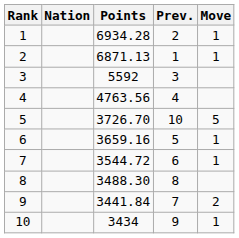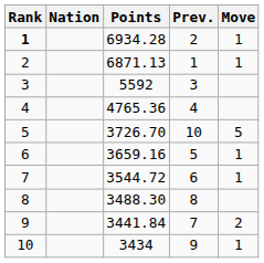 <table class="wikitable sortable" style="text-align:center;">
 <tr>
 <th>Rank</th>
 <th>Nation</th>
 <th>Points</th>
 <th>Prev.</th>
 <th>Move</th>
 </tr>
 <tr>
-<td>1</td>
+<td><strong>1</strong></td>
 <td style="text-align:left"> </td>
 <td>6934.28</td>
 <td>2</td>
 <td> 1</td>
 </tr>
 <tr>
 <td>2</td>
 <td style="text-align:left"> </td>
 <td>6871.13</td>
 <td>1</td>
 <td> 1</td>
 </tr>
 <tr>
 <td>3</td>
 <td style="text-align:left"> </td>
 <td>5592</td>
 <td>3</td>
 <td></td>
 </tr>
 <tr>
 <td>4</td>
 <td style="text-align:left"> </td>
-<td>4763.56</td>
+<td>4765.36</td>
 <td>4</td>
 <td></td>
 </tr>
 <tr>
 <td>5</td>
 <td style="text-align:left"> </td>
 <td>3726.70</td>
 <td>10</td>
 <td> 5</td>
 </tr>
 <tr>
 <td>6</td>
 <td style="text-align:left"> </td>
 <td>3659.16</td>
 <td>5</td>
 <td> 1</td>
 </tr>
 <tr>
 <td>7</td>
 <td style="text-align:left"> </td>
 <td>3544.72</td>
 <td>6</td>
 <td> 1</td>
 </tr>
 <tr>
 <td>8</td>
 <td style="text-align:left"> </td>
 <td>3488.30</td>
 <td>8</td>
 <td></td>
 </tr>
 <tr>
 <td>9</td>
 <td style="text-align:left"> </td>
 <td>3441.84</td>
 <td>7</td>
 <td> 2</td>
 </tr>
 <tr>
 <td>10</td>
 <td style="text-align:left"> </td>
 <td>3434</td>
 <td>9</td>
 <td> 1</td>
 </tr>
 </table>
